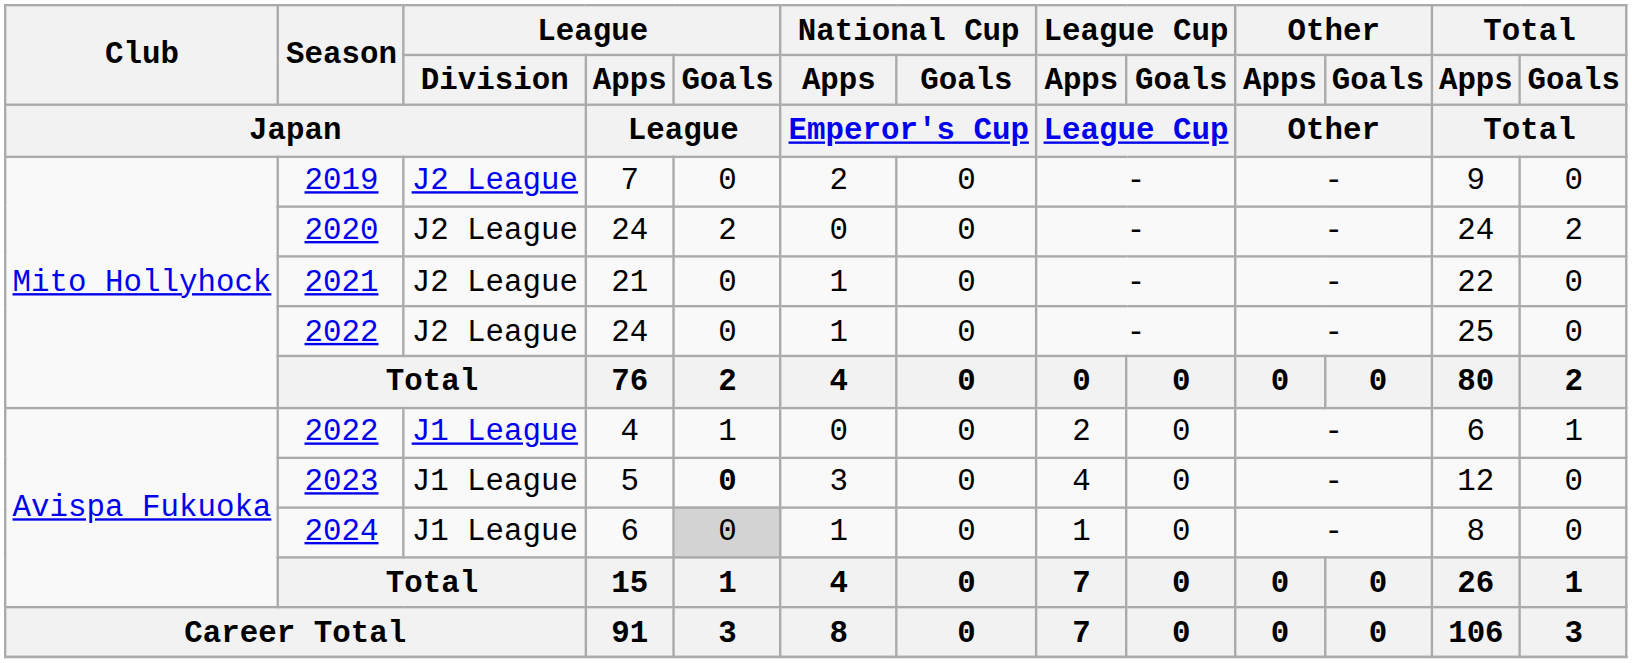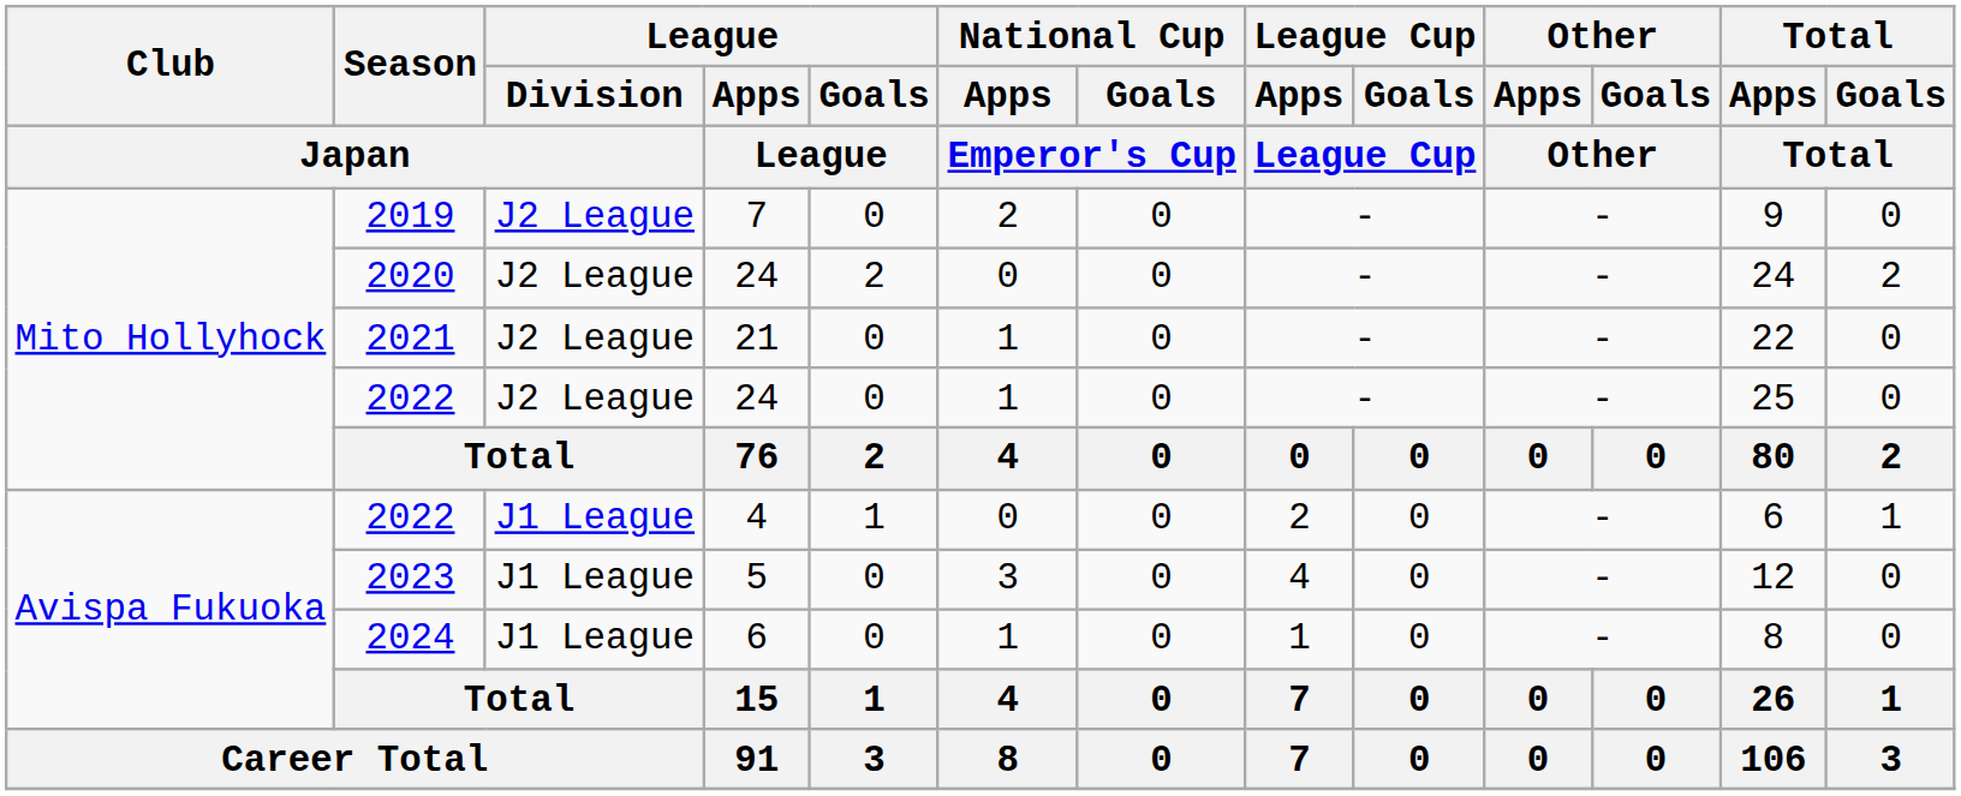 <table class="wikitable" style="text-align:center">
 <tr>
 <th rowspan=2>Club</th>
 <th rowspan=2>Season</th>
 <th colspan=3>League</th>
 <th colspan=2>National Cup</th>
 <th colspan=2>League Cup</th>
 <th colspan=2>Other</th>
 <th colspan=2>Total</th>
 </tr>
 <tr>
 <th>Division</th>
 <th>Apps</th>
 <th>Goals</th>
 <th>Apps</th>
 <th>Goals</th>
 <th>Apps</th>
 <th>Goals</th>
 <th>Apps</th>
 <th>Goals</th>
 <th>Apps</th>
 <th>Goals</th>
 </tr>
 <tr>
 <th colspan=3>Japan</th>
 <th colspan=2>League</th>
 <th colspan=2><a href='#'>Emperor's Cup</a></th>
 <th colspan=2><a href='#'>League Cup</a></th>
 <th colspan=2>Other</th>
 <th colspan=2>Total</th>
 </tr>
 <tr>
 <td rowspan="5"><a href='#'>Mito Hollyhock</a></td>
 <td><a href='#'>2019</a></td>
 <td><a href='#'>J2 League</a></td>
 <td>7</td>
 <td>0</td>
 <td>2</td>
 <td>0</td>
 <td colspan="2">-</td>
 <td colspan="2">-</td>
 <td>9</td>
 <td>0</td>
 </tr>
 <tr>
 <td><a href='#'>2020</a></td>
 <td>J2 League</td>
 <td>24</td>
 <td>2</td>
 <td>0</td>
 <td>0</td>
 <td colspan="2">-</td>
 <td colspan="2">-</td>
 <td>24</td>
 <td>2</td>
 </tr>
 <tr>
 <td><a href='#'>2021</a></td>
 <td>J2 League</td>
 <td>21</td>
 <td>0</td>
 <td>1</td>
 <td>0</td>
 <td colspan="2">-</td>
 <td colspan="2">-</td>
 <td>22</td>
 <td>0</td>
 </tr>
 <tr>
 <td><a href='#'>2022</a></td>
 <td>J2 League</td>
 <td>24</td>
 <td>0</td>
 <td>1</td>
 <td>0</td>
 <td colspan="2">-</td>
 <td colspan="2">-</td>
 <td>25</td>
 <td>0</td>
 </tr>
 <tr>
 <th colspan="2">Total</th>
 <th>76</th>
 <th>2</th>
 <th>4</th>
 <th>0</th>
 <th>0</th>
 <th>0</th>
 <th>0</th>
 <th>0</th>
 <th>80</th>
 <th>2</th>
 </tr>
 <tr>
 <td rowspan="4"><a href='#'>Avispa Fukuoka</a></td>
 <td><a href='#'>2022</a></td>
 <td><a href='#'>J1 League</a></td>
 <td>4</td>
 <td>1</td>
 <td>0</td>
 <td>0</td>
 <td>2</td>
 <td>0</td>
 <td colspan="2">-</td>
 <td>6</td>
 <td>1</td>
 </tr>
 <tr>
 <td><a href='#'>2023</a></td>
 <td>J1 League</td>
 <td>5</td>
-<td><strong>0</strong></td>
+<td>0</td>
 <td>3</td>
 <td>0</td>
 <td>4</td>
 <td>0</td>
 <td colspan="2">-</td>
 <td>12</td>
 <td>0</td>
 </tr>
 <tr>
 <td><a href='#'>2024</a></td>
 <td>J1 League</td>
 <td>6</td>
-<td style="background: lightgrey;">0</td>
+<td>0</td>
 <td>1</td>
 <td>0</td>
 <td>1</td>
 <td>0</td>
 <td colspan="2">-</td>
 <td>8</td>
 <td>0</td>
 </tr>
 <tr>
 <th colspan="2">Total</th>
 <th>15</th>
 <th>1</th>
 <th>4</th>
 <th>0</th>
 <th>7</th>
 <th>0</th>
 <th>0</th>
 <th>0</th>
 <th>26</th>
 <th>1</th>
 </tr>
 <tr>
 <th colspan="3">Career Total</th>
 <th>91</th>
 <th>3</th>
 <th>8</th>
 <th>0</th>
 <th>7</th>
 <th>0</th>
 <th>0</th>
 <th>0</th>
 <th>106</th>
 <th>3</th>
 </tr>
 <tr>
 </tr>
 </table>
